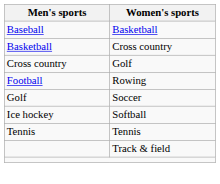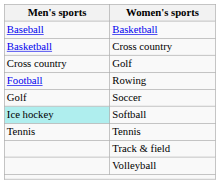 <table class="wikitable" style=" ">
 <tr>
 <th width=150px>Men's sports</th>
 <th width=150px>Women's sports</th>
 </tr>
 <tr>
 <td><a href='#'>Baseball</a></td>
 <td><a href='#'>Basketball</a></td>
 </tr>
 <tr>
 <td><a href='#'>Basketball</a></td>
 <td>Cross country</td>
 </tr>
 <tr>
 <td>Cross country</td>
 <td>Golf</td>
 </tr>
 <tr>
 <td><a href='#'>Football</a></td>
 <td>Rowing</td>
 </tr>
 <tr>
 <td>Golf</td>
 <td>Soccer</td>
 </tr>
 <tr>
-<td>Ice hockey</td>
+<td style="background: paleturquoise;">Ice hockey</td>
 <td>Softball</td>
 </tr>
 <tr>
 <td>Tennis</td>
 <td>Tennis</td>
 </tr>
 <tr>
 <td></td>
 <td>Track & field</td>
 </tr>
 <tr>
+<td></td>
+<td>Volleyball</td>
+</tr>
+<tr>
 <td colspan="2"></td>
 </tr>
 </table>
